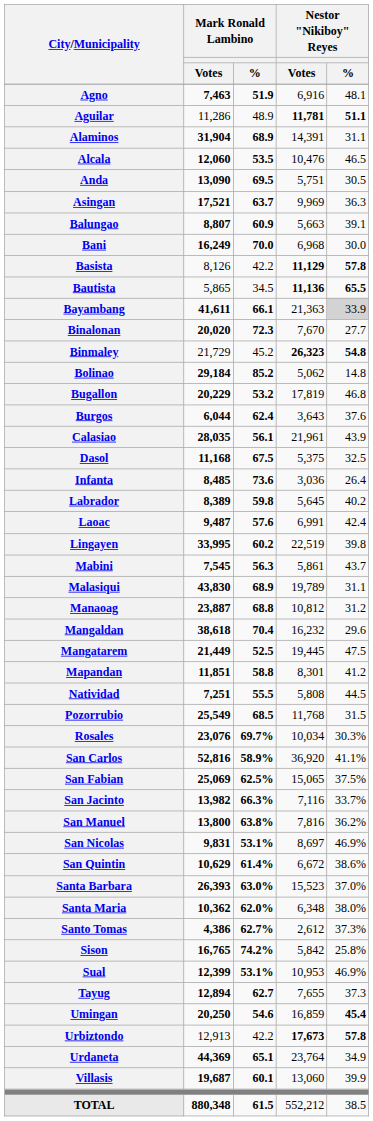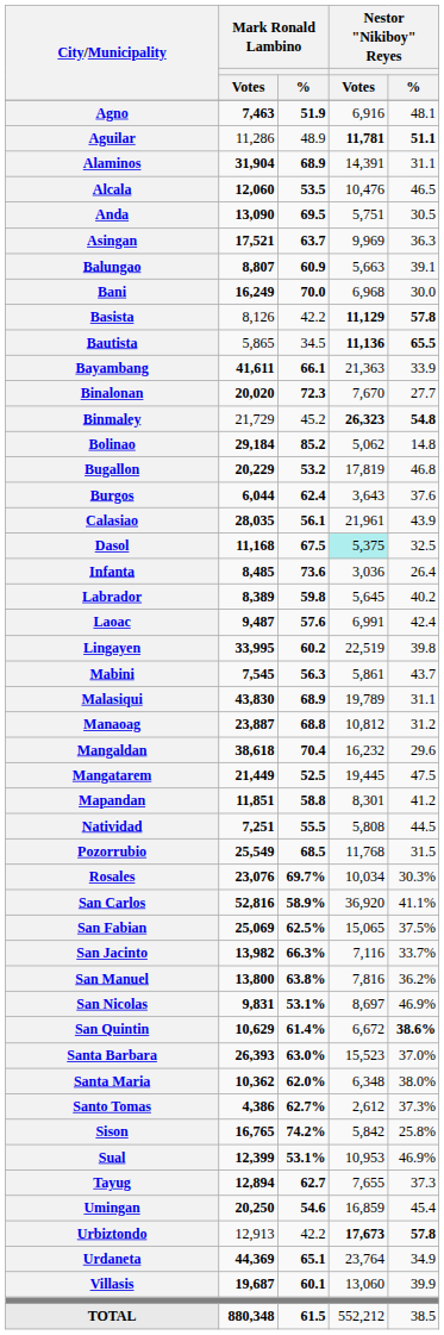 <table class="wikitable collapsible collapsed" style="text-align:right; font-size:95%; line-height:20px;">
 <tr>
 <th rowspan="3" width="220"><a href='#'>City</a>/<a href='#'>Municipality</a></th>
 <th colspan="2" width="110">Mark Ronald Lambino</th>
 <th colspan="2" width="110">Nestor "Nikiboy" Reyes</th>
 </tr>
 <tr>
 <th colspan="2" style="background:"></th>
 <th colspan="2" style="background:"></th>
 </tr>
 <tr>
 <th>Votes</th>
 <th>%</th>
 <th>Votes</th>
 <th>%</th>
 </tr>
 <tr>
 </tr>
 <tr>
 <th scope="row"><a href='#'>Agno</a></th>
 <td style="background:"><strong>7,463</strong></td>
 <td style="background:"><strong>51.9</strong></td>
 <td>6,916</td>
 <td>48.1</td>
 </tr>
 <tr>
 <th scope="row"><a href='#'>Aguilar</a></th>
 <td>11,286</td>
 <td>48.9</td>
 <td style="background:"><strong>11,781</strong></td>
 <td style="background:"><strong>51.1</strong></td>
 </tr>
 <tr>
 <th scope="row"><a href='#'>Alaminos</a></th>
 <td style="background:"><strong>31,904</strong></td>
 <td style="background:"><strong>68.9</strong></td>
 <td>14,391</td>
 <td>31.1</td>
 </tr>
 <tr>
 <th scope="row"><a href='#'>Alcala</a></th>
 <td style="background:"><strong>12,060</strong></td>
 <td style="background:"><strong>53.5</strong></td>
 <td>10,476</td>
 <td>46.5</td>
 </tr>
 <tr>
 <th scope="row"><a href='#'>Anda</a></th>
 <td style="background:"><strong>13,090</strong></td>
 <td style="background:"><strong>69.5</strong></td>
 <td>5,751</td>
 <td>30.5</td>
 </tr>
 <tr>
 <th scope="row"><a href='#'>Asingan</a></th>
 <td style="background:"><strong>17,521</strong></td>
 <td style="background:"><strong>63.7</strong></td>
 <td>9,969</td>
 <td>36.3</td>
 </tr>
 <tr>
 <th scope="row"><a href='#'>Balungao</a></th>
 <td style="background:"><strong>8,807</strong></td>
 <td style="background:"><strong>60.9</strong></td>
 <td>5,663</td>
 <td>39.1</td>
 </tr>
 <tr>
 <th scope="row"><a href='#'>Bani</a></th>
 <td style="background:"><strong>16,249</strong></td>
 <td style="background:"><strong>70.0</strong></td>
 <td>6,968</td>
 <td>30.0</td>
 </tr>
 <tr>
 <th scope="row"><a href='#'>Basista</a></th>
 <td>8,126</td>
 <td>42.2</td>
 <td style="background:"><strong>11,129</strong></td>
 <td style="background:"><strong>57.8</strong></td>
 </tr>
 <tr>
 <th scope="row"><a href='#'>Bautista</a></th>
 <td>5,865</td>
 <td>34.5</td>
 <td style="background:"><strong>11,136</strong></td>
 <td style="background:"><strong>65.5</strong></td>
 </tr>
 <tr>
 <th scope="row"><a href='#'>Bayambang</a></th>
 <td style="background:"><strong>41,611</strong></td>
 <td style="background:"><strong>66.1</strong></td>
 <td>21,363</td>
-<td style="background: lightgrey;">33.9</td>
+<td>33.9</td>
 </tr>
 <tr>
 <th scope="row"><a href='#'>Binalonan</a></th>
 <td style="background:"><strong>20,020</strong></td>
 <td style="background:"><strong>72.3</strong></td>
 <td>7,670</td>
 <td>27.7</td>
 </tr>
 <tr>
 <th scope="row"><a href='#'>Binmaley</a></th>
 <td>21,729</td>
 <td>45.2</td>
 <td style="background:"><strong>26,323</strong></td>
 <td style="background:"><strong>54.8</strong></td>
 </tr>
 <tr>
 <th scope="row"><a href='#'>Bolinao</a></th>
 <td style="background:"><strong>29,184</strong></td>
 <td style="background:"><strong>85.2</strong></td>
 <td>5,062</td>
 <td>14.8</td>
 </tr>
 <tr>
 <th scope="row"><a href='#'>Bugallon</a></th>
 <td style="background:"><strong>20,229</strong></td>
 <td style="background:"><strong>53.2</strong></td>
 <td>17,819</td>
 <td>46.8</td>
 </tr>
 <tr>
 <th scope="row"><a href='#'>Burgos</a></th>
 <td style="background:"><strong>6,044</strong></td>
 <td style="background:"><strong>62.4</strong></td>
 <td>3,643</td>
 <td>37.6</td>
 </tr>
 <tr>
 <th scope="row"><a href='#'>Calasiao</a></th>
 <td style="background:"><strong>28,035</strong></td>
 <td style="background:"><strong>56.1</strong></td>
 <td>21,961</td>
 <td>43.9</td>
 </tr>
 <tr>
 <th scope="row"><a href='#'>Dasol</a></th>
 <td style="background:"><strong>11,168</strong></td>
 <td style="background:"><strong>67.5</strong></td>
-<td>5,375</td>
+<td style="background: paleturquoise;">5,375</td>
 <td>32.5</td>
 </tr>
 <tr>
 <th scope="row"><a href='#'>Infanta</a></th>
 <td style="background:"><strong>8,485</strong></td>
 <td style="background:"><strong>73.6</strong></td>
 <td>3,036</td>
 <td>26.4</td>
 </tr>
 <tr>
 <th scope="row"><a href='#'>Labrador</a></th>
 <td style="background:"><strong>8,389</strong></td>
 <td style="background:"><strong>59.8</strong></td>
 <td>5,645</td>
 <td>40.2</td>
 </tr>
 <tr>
 <th scope="row"><a href='#'>Laoac</a></th>
 <td style="background:"><strong>9,487</strong></td>
 <td style="background:"><strong>57.6</strong></td>
 <td>6,991</td>
 <td>42.4</td>
 </tr>
 <tr>
 <th scope="row"><a href='#'>Lingayen</a></th>
 <td style="background:"><strong>33,995</strong></td>
 <td style="background:"><strong>60.2</strong></td>
 <td>22,519</td>
 <td>39.8</td>
 </tr>
 <tr>
 <th scope="row"><a href='#'>Mabini</a></th>
 <td style="background:"><strong>7,545</strong></td>
 <td style="background:"><strong>56.3</strong></td>
 <td>5,861</td>
 <td>43.7</td>
 </tr>
 <tr>
 <th scope="row"><a href='#'>Malasiqui</a></th>
 <td style="background:"><strong>43,830</strong></td>
 <td style="background:"><strong>68.9</strong></td>
 <td>19,789</td>
 <td>31.1</td>
 </tr>
 <tr>
 <th scope="row"><a href='#'>Manaoag</a></th>
 <td style="background:"><strong>23,887</strong></td>
 <td style="background:"><strong>68.8</strong></td>
 <td>10,812</td>
 <td>31.2</td>
 </tr>
 <tr>
 <th scope="row"><a href='#'>Mangaldan</a></th>
 <td style="background:"><strong>38,618</strong></td>
 <td style="background:"><strong>70.4</strong></td>
 <td>16,232</td>
 <td>29.6</td>
 </tr>
 <tr>
 <th scope="row"><a href='#'>Mangatarem</a></th>
 <td style="background:"><strong>21,449</strong></td>
 <td style="background:"><strong>52.5</strong></td>
 <td>19,445</td>
 <td>47.5</td>
 </tr>
 <tr>
 <th scope="row"><a href='#'>Mapandan</a></th>
 <td style="background:"><strong>11,851</strong></td>
 <td style="background:"><strong>58.8</strong></td>
 <td>8,301</td>
 <td>41.2</td>
 </tr>
 <tr>
 <th scope="row"><a href='#'>Natividad</a></th>
 <td style="background:"><strong>7,251</strong></td>
 <td style="background:"><strong>55.5</strong></td>
 <td>5,808</td>
 <td>44.5</td>
 </tr>
 <tr>
 <th scope="row"><a href='#'>Pozorrubio</a></th>
 <td style="background:"><strong>25,549</strong></td>
 <td style="background:"><strong>68.5</strong></td>
 <td>11,768</td>
 <td>31.5</td>
 </tr>
 <tr>
 <th scope="row"><a href='#'>Rosales</a></th>
 <td style="background:"><strong>23,076</strong></td>
 <td style="background:"><strong>69.7%</strong></td>
 <td>10,034</td>
 <td>30.3%</td>
 </tr>
 <tr>
 <th scope="row"><a href='#'>San Carlos</a></th>
 <td style="background:"><strong>52,816</strong></td>
 <td style="background:"><strong>58.9%</strong></td>
 <td>36,920</td>
 <td>41.1%</td>
 </tr>
 <tr>
 <th scope="row"><a href='#'>San Fabian</a></th>
 <td style="background:"><strong>25,069</strong></td>
 <td style="background:"><strong>62.5%</strong></td>
 <td>15,065</td>
 <td>37.5%</td>
 </tr>
 <tr>
 <th scope="row"><a href='#'>San Jacinto</a></th>
 <td style="background:"><strong>13,982</strong></td>
 <td style="background:"><strong>66.3%</strong></td>
 <td>7,116</td>
 <td>33.7%</td>
 </tr>
 <tr>
 <th scope="row"><a href='#'>San Manuel</a></th>
 <td style="background:"><strong>13,800</strong></td>
 <td style="background:"><strong>63.8%</strong></td>
 <td>7,816</td>
 <td>36.2%</td>
 </tr>
 <tr>
 <th scope="row"><a href='#'>San Nicolas</a></th>
 <td style="background:"><strong>9,831</strong></td>
 <td style="background:"><strong>53.1%</strong></td>
 <td>8,697</td>
 <td>46.9%</td>
 </tr>
 <tr>
 <th scope="row"><a href='#'>San Quintin</a></th>
 <td style="background:"><strong>10,629</strong></td>
 <td style="background:"><strong>61.4%</strong></td>
 <td>6,672</td>
-<td>38.6%</td>
+<td><strong>38.6%</strong></td>
 </tr>
 <tr>
 <th scope="row"><a href='#'>Santa Barbara</a></th>
 <td style="background:"><strong>26,393</strong></td>
 <td style="background:"><strong>63.0%</strong></td>
 <td>15,523</td>
 <td>37.0%</td>
 </tr>
 <tr>
 <th scope="row"><a href='#'>Santa Maria</a></th>
 <td style="background:"><strong>10,362</strong></td>
 <td style="background:"><strong>62.0%</strong></td>
 <td>6,348</td>
 <td>38.0%</td>
 </tr>
 <tr>
 <th scope="row"><a href='#'>Santo Tomas</a></th>
 <td style="background:"><strong>4,386</strong></td>
 <td style="background:"><strong>62.7%</strong></td>
 <td>2,612</td>
 <td>37.3%</td>
 </tr>
 <tr>
 <th scope="row"><a href='#'>Sison</a></th>
 <td style="background:"><strong>16,765</strong></td>
 <td style="background:"><strong>74.2%</strong></td>
 <td>5,842</td>
 <td>25.8%</td>
 </tr>
 <tr>
 <th scope="row"><a href='#'>Sual</a></th>
 <td style="background:"><strong>12,399</strong></td>
 <td style="background:"><strong>53.1%</strong></td>
 <td>10,953</td>
 <td>46.9%</td>
 </tr>
 <tr>
 <th scope="row"><a href='#'>Tayug</a></th>
 <td style="background:"><strong>12,894</strong></td>
 <td style="background:"><strong>62.7</strong></td>
 <td>7,655</td>
 <td>37.3</td>
 </tr>
 <tr>
 <th scope="row"><a href='#'>Umingan</a></th>
 <td style="background:"><strong>20,250</strong></td>
 <td style="background:"><strong>54.6</strong></td>
 <td>16,859</td>
-<td><strong>45.4</strong></td>
+<td>45.4</td>
 </tr>
 <tr>
 <th scope="row"><a href='#'>Urbiztondo</a></th>
 <td>12,913</td>
 <td>42.2</td>
 <td style="background:"><strong>17,673</strong></td>
 <td style="background:"><strong>57.8</strong></td>
 </tr>
 <tr>
 <th scope="row"><a href='#'>Urdaneta</a></th>
 <td style="background:"><strong>44,369</strong></td>
 <td style="background:"><strong>65.1</strong></td>
 <td>23,764</td>
 <td>34.9</td>
 </tr>
 <tr>
 <th scope="row"><a href='#'>Villasis</a></th>
 <td style="background:"><strong>19,687</strong></td>
 <td style="background:"><strong>60.1</strong></td>
 <td>13,060</td>
 <td>39.9</td>
 </tr>
 <tr>
 <td colspan=11 bgcolor=Grey></td>
 </tr>
 <tr>
 <td style="background:#E9E9E9;" align="center"><strong>TOTAL</strong></td>
 <td style="background:"><strong>880,348</strong></td>
 <td style="background:"><strong>61.5</strong></td>
 <td>552,212</td>
 <td>38.5</td>
 </tr>
 </table>
